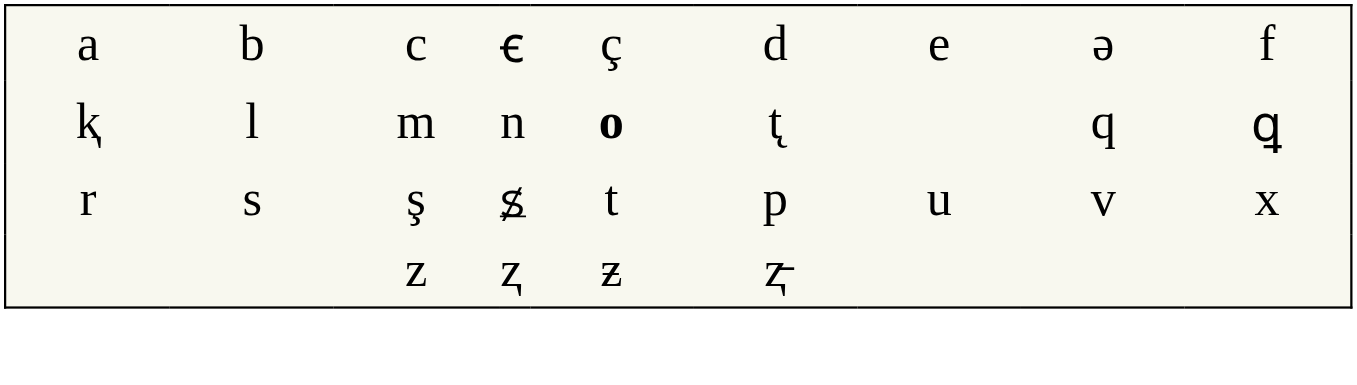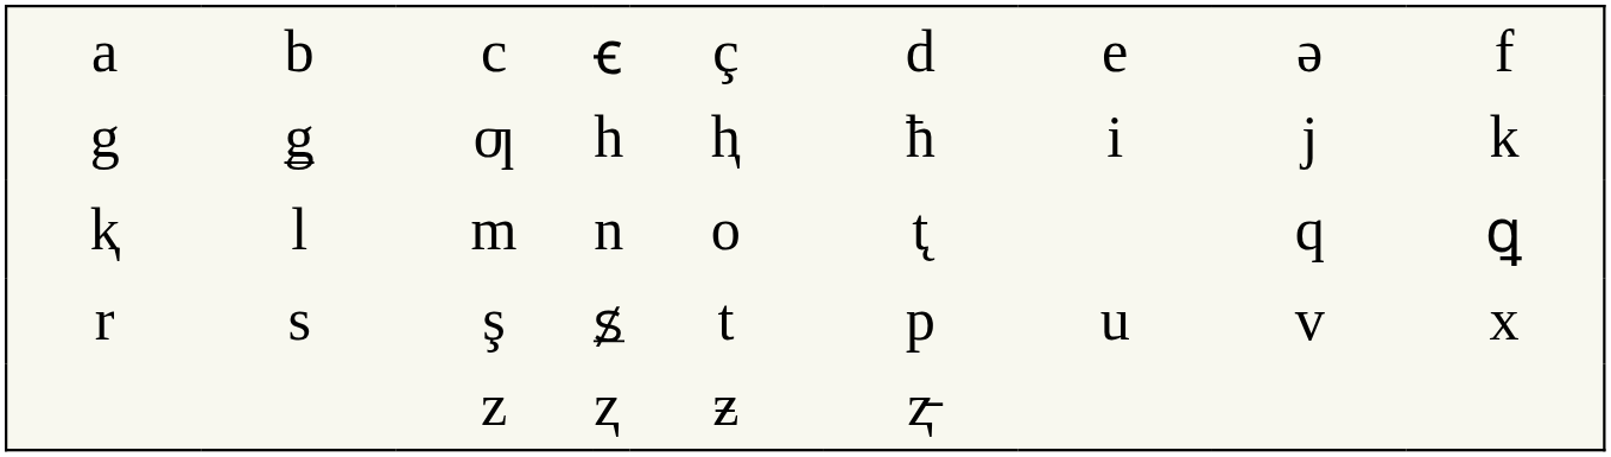 <table style="font-family:Arial Unicode MS; font-size:1.4em; border-color:#000000; border-width:1px; border-style:solid; border-collapse:collapse; background-color:#F8F8EF">
 <tr>
 <td style="width:3em; text-align:center; padding: 3px;">a</td>
 <td style="width:3em; text-align:center; padding: 3px;">b</td>
 <td style="width:3em; text-align:center; padding: 3px;">c</td>
 <td>ꞓ</td>
 <td style="width:3em; text-align:center; padding: 3px;">ç</td>
 <td style="width:3em; text-align:center; padding: 3px;">d</td>
 <td style="width:3em; text-align:center; padding: 3px;">e</td>
 <td style="width:3em; text-align:center; padding: 3px;">ә</td>
 <td style="width:3em; text-align:center; padding: 3px;">f</td>
 </tr>
 <tr>
+<td style="width:3em; text-align:center; padding: 3px;">g</td>
+<td style="width:3em; text-align:center; padding: 3px;">ǥ</td>
+<td style="width:3em; text-align:center; padding: 3px;">ƣ</td>
+<td>h</td>
+<td style="width:3em; text-align:center; padding: 3px;">ⱨ</td>
+<td style="width:3em; text-align:center; padding: 3px;">ħ</td>
+<td style="width:3em; text-align:center; padding: 3px;">i</td>
+<td style="width:3em; text-align:center; padding: 3px;">j</td>
+<td style="width:3em; text-align:center; padding: 3px;">k</td>
+</tr>
+<tr>
 <td style="width:3em; text-align:center; padding: 3px;">ⱪ</td>
 <td style="width:3em; text-align:center; padding: 3px;">l</td>
 <td style="width:3em; text-align:center; padding: 3px;">m</td>
 <td>n</td>
-<td style="width:3em; text-align:center; padding: 3px;"><strong>o</strong></td>
+<td style="width:3em; text-align:center; padding: 3px;">o</td>
 <td style="width:3em; text-align:center; padding: 3px;">t̨</td>
 <td style="width:3em; text-align:center; padding: 3px;"></td>
 <td style="width:3em; text-align:center; padding: 3px;">q</td>
 <td style="width:3em; text-align:center; padding: 3px;">ꝗ</td>
 </tr>
 <tr>
 <td style="width:3em; text-align:center; padding: 3px;">r</td>
 <td style="width:3em; text-align:center; padding: 3px;">s</td>
 <td style="width:3em; text-align:center; padding: 3px;">ş</td>
 <td>ꟍ</td>
 <td style="width:3em; text-align:center; padding: 3px;">t</td>
 <td style="width:3em; text-align:center; padding: 3px;">p</td>
 <td style="width:3em; text-align:center; padding: 3px;">u</td>
 <td style="width:3em; text-align:center; padding: 3px;">v</td>
 <td style="width:3em; text-align:center; padding: 3px;">x</td>
 </tr>
 <tr>
 <td style="width:3em; text-align:center; padding: 3px;"></td>
 <td style="width:3em; text-align:center; padding: 3px;"></td>
 <td style="width:3em; text-align:center; padding: 3px;">z</td>
 <td>ⱬ</td>
 <td style="width:3em; text-align:center; padding: 3px;">ƶ</td>
 <td style="width:3em; text-align:center; padding: 3px;">ⱬ̵</td>
 <td style="width:3em; text-align:center; padding: 3px;"></td>
 <td style="width:3em; text-align:center; padding: 3px;"></td>
 <td style="width:3em; text-align:center; padding: 3px;"></td>
 </tr>
 </table>
